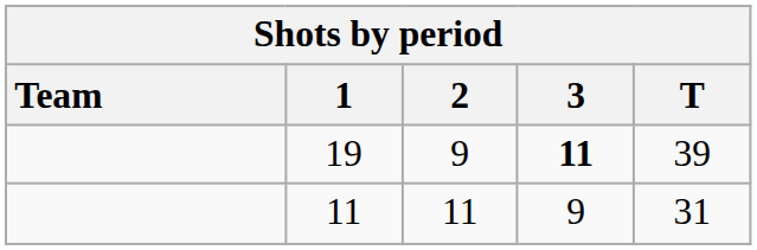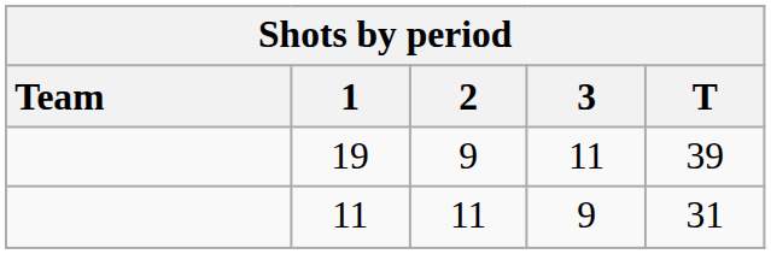 <table class="wikitable" style="width:20em">
 <tr>
 <th colspan="6">Shots by period</th>
 </tr>
 <tr>
 <th style="width:8em; text-align:left;">Team</th>
 <th style="width:3em;">1</th>
 <th style="width:3em;">2</th>
 <th style="width:3em;">3</th>
 <th style="width:3em;">T</th>
 </tr>
 <tr style="text-align:center;">
 <td style="text-align:left;"></td>
 <td>19</td>
 <td>9</td>
-<td><strong>11</strong></td>
+<td>11</td>
 <td>39</td>
 </tr>
 <tr style="text-align:center;">
 <td style="text-align:left;"></td>
 <td>11</td>
 <td>11</td>
 <td>9</td>
 <td>31</td>
 </tr>
 </table>
